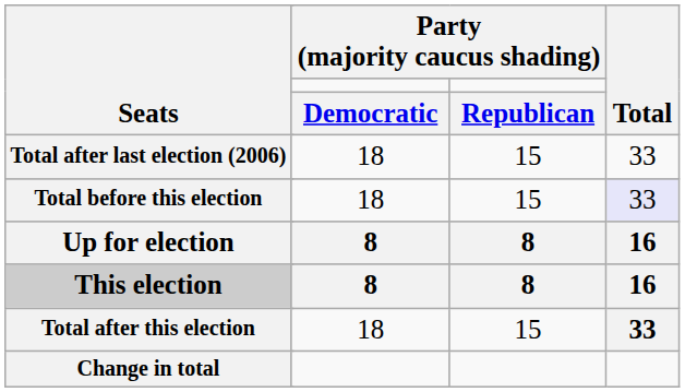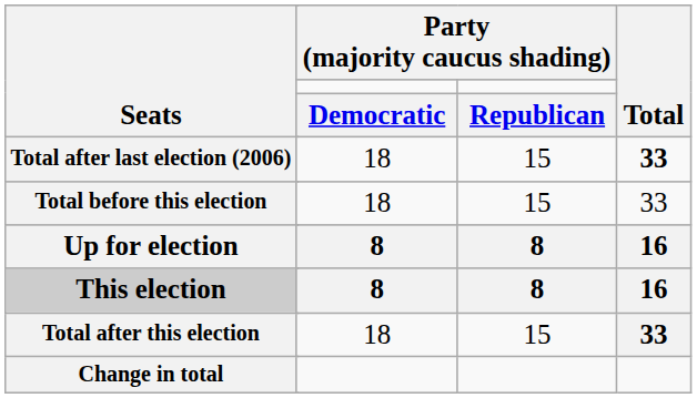 <table class=wikitable style="text-align:center">
 <tr style="vertical-align:bottom;">
 <th rowspan=3 colspan=2>Seats</th>
 <th colspan=2>Party <div>(majority caucus shading)</div></th>
 <th rowspan=3>Total</th>
 </tr>
 <tr style="height:5px">
 <td style="background-color:"></td>
 <td style="background-color:"></td>
 </tr>
 <tr>
 <th><a href='#'>Democratic</a></th>
 <th><a href='#'>Republican</a></th>
 </tr>
 <tr>
 <th nowrap style="font-size:80%" colspan=2>Total after last election (2006)</th>
 <td>18</td>
 <td>15</td>
-<td>33</td>
+<td><strong>33</strong></td>
 </tr>
 <tr>
 <th nowrap style="font-size:80%" colspan=2>Total before this election</th>
 <td>18</td>
 <td>15</td>
-<td style="background: lavender;">33</td>
+<td>33</td>
 </tr>
 <tr>
 <th colspan=2>Up for election</th>
 <th>8</th>
 <th>8</th>
 <th>16</th>
 </tr>
 <tr>
 <th nowrap style="background:#ccc" colspan=2>This election</th>
 <th>8</th>
 <th>8</th>
 <th>16</th>
 </tr>
 <tr>
 <th nowrap style="font-size:80%" colspan=2>Total after this election</th>
 <td>18</td>
 <td>15</td>
 <th>33</th>
 </tr>
 <tr>
 <th nowrap style="font-size:80%"  colspan=2>Change in total</th>
 <td></td>
 <td></td>
 <td></td>
 </tr>
 </table>
